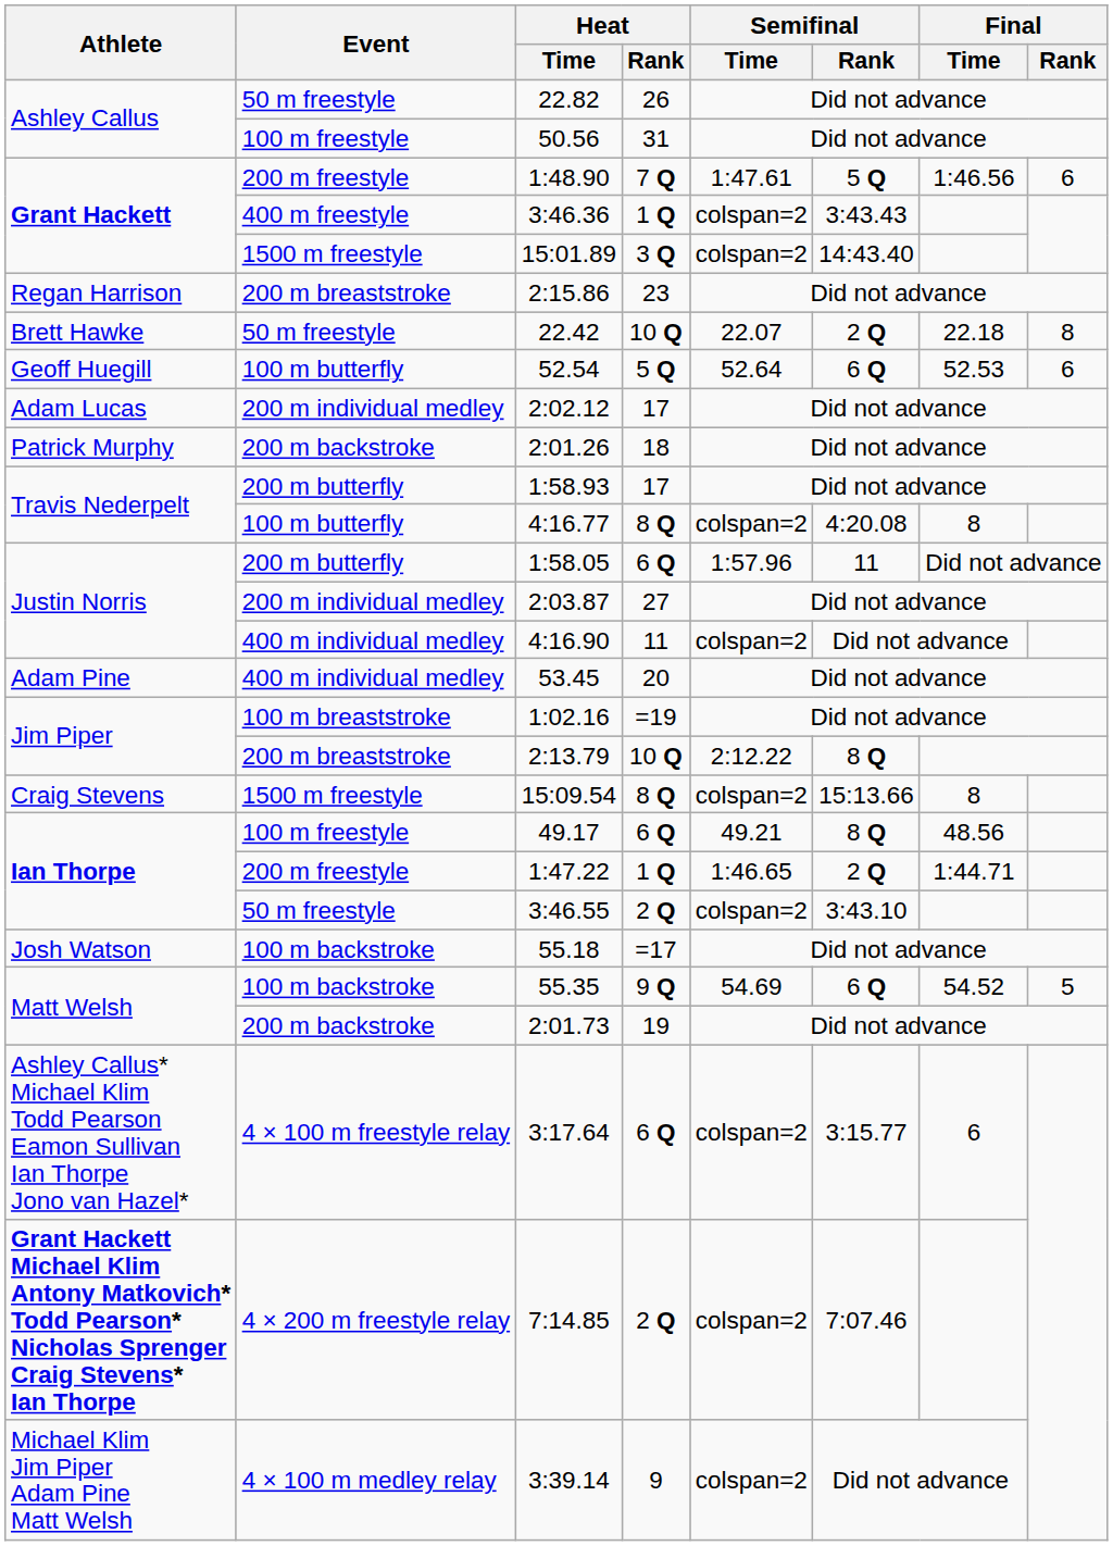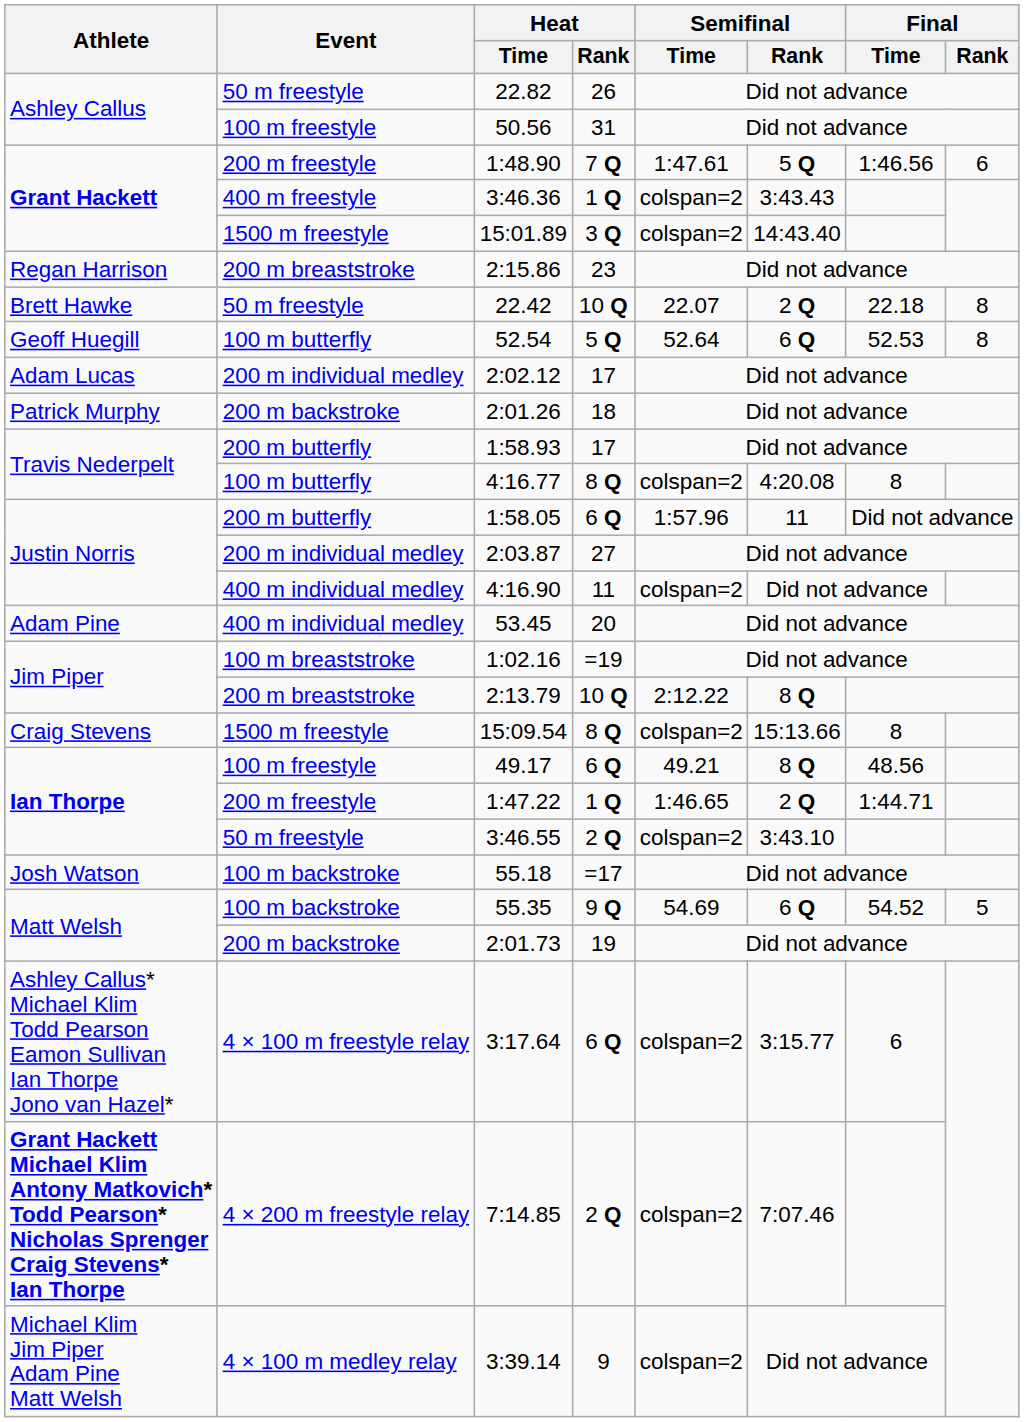 <table class="wikitable" style="font-size:90%;">
 <tr>
 <th rowspan=2>Athlete</th>
 <th rowspan=2>Event</th>
 <th colspan="2">Heat</th>
 <th colspan="2">Semifinal</th>
 <th colspan="2">Final</th>
 </tr>
 <tr style="font-size:95%">
 <th>Time</th>
 <th>Rank</th>
 <th>Time</th>
 <th>Rank</th>
 <th>Time</th>
 <th>Rank</th>
 </tr>
 <tr align=center>
 <td align=left rowspan=2><a href='#'>Ashley Callus</a></td>
 <td align=left><a href='#'>50 m freestyle</a></td>
 <td>22.82</td>
 <td>26</td>
 <td colspan=4>Did not advance</td>
 </tr>
 <tr align=center>
 <td align=left><a href='#'>100 m freestyle</a></td>
 <td>50.56</td>
 <td>31</td>
 <td colspan=4>Did not advance</td>
 </tr>
 <tr align=center>
 <td align=left rowspan=3><strong><a href='#'>Grant Hackett</a></strong></td>
 <td align=left><a href='#'>200 m freestyle</a></td>
 <td>1:48.90</td>
 <td>7 <strong>Q</strong></td>
 <td>1:47.61</td>
 <td>5 <strong>Q</strong></td>
 <td>1:46.56</td>
 <td>6</td>
 </tr>
 <tr align=center>
 <td align=left><a href='#'>400 m freestyle</a></td>
 <td>3:46.36</td>
 <td>1 <strong>Q</strong></td>
 <td>colspan=2 </td>
 <td>3:43.43</td>
 <td></td>
 </tr>
 <tr align=center>
 <td align=left><a href='#'>1500 m freestyle</a></td>
 <td>15:01.89</td>
 <td>3 <strong>Q</strong></td>
 <td>colspan=2 </td>
 <td>14:43.40 </td>
 <td></td>
 </tr>
 <tr align=center>
 <td align=left><a href='#'>Regan Harrison</a></td>
 <td align=left><a href='#'>200 m breaststroke</a></td>
 <td>2:15.86</td>
 <td>23</td>
 <td colspan=4>Did not advance</td>
 </tr>
 <tr align=center>
 <td align=left><a href='#'>Brett Hawke</a></td>
 <td align=left><a href='#'>50 m freestyle</a></td>
 <td>22.42</td>
 <td>10 <strong>Q</strong></td>
 <td>22.07</td>
 <td>2 <strong>Q</strong></td>
 <td>22.18</td>
 <td>8</td>
 </tr>
 <tr align=center>
 <td align=left><a href='#'>Geoff Huegill</a></td>
 <td align=left><a href='#'>100 m butterfly</a></td>
 <td>52.54</td>
 <td>5 <strong>Q</strong></td>
 <td>52.64</td>
 <td>6 <strong>Q</strong></td>
 <td>52.53</td>
-<td>6</td>
+<td>8</td>
 </tr>
 <tr align=center>
 <td align=left><a href='#'>Adam Lucas</a></td>
 <td align=left><a href='#'>200 m individual medley</a></td>
 <td>2:02.12</td>
 <td>17</td>
 <td colspan=4>Did not advance</td>
 </tr>
 <tr align=center>
 <td align=left><a href='#'>Patrick Murphy</a></td>
 <td align=left><a href='#'>200 m backstroke</a></td>
 <td>2:01.26</td>
 <td>18</td>
 <td colspan=4>Did not advance</td>
 </tr>
 <tr align=center>
 <td align=left rowspan=2><a href='#'>Travis Nederpelt</a></td>
 <td align=left><a href='#'>200 m butterfly</a></td>
 <td>1:58.93</td>
 <td>17</td>
 <td colspan=4>Did not advance</td>
 </tr>
 <tr align=center>
 <td align=left><a href='#'>100 m butterfly</a></td>
 <td>4:16.77</td>
 <td>8 <strong>Q</strong></td>
 <td>colspan=2 </td>
 <td>4:20.08</td>
 <td>8</td>
 </tr>
 <tr align=center>
 <td align=left rowspan=3><a href='#'>Justin Norris</a></td>
 <td align=left><a href='#'>200 m butterfly</a></td>
 <td>1:58.05</td>
 <td>6 <strong>Q</strong></td>
 <td>1:57.96</td>
 <td>11</td>
 <td colspan=2>Did not advance</td>
 </tr>
 <tr align=center>
 <td align=left><a href='#'>200 m individual medley</a></td>
 <td>2:03.87</td>
 <td>27</td>
 <td colspan=4>Did not advance</td>
 </tr>
 <tr align=center>
 <td align=left><a href='#'>400 m individual medley</a></td>
 <td>4:16.90</td>
 <td>11</td>
 <td>colspan=2 </td>
 <td colspan=2>Did not advance</td>
 </tr>
 <tr align=center>
 <td align=left><a href='#'>Adam Pine</a></td>
 <td align=left><a href='#'>400 m individual medley</a></td>
 <td>53.45</td>
 <td>20</td>
 <td colspan=4>Did not advance</td>
 </tr>
 <tr align=center>
 <td align=left rowspan=2><a href='#'>Jim Piper</a></td>
 <td align=left><a href='#'>100 m breaststroke</a></td>
 <td>1:02.16</td>
 <td>=19</td>
 <td colspan=4>Did not advance</td>
 </tr>
 <tr align=center>
 <td align=left><a href='#'>200 m breaststroke</a></td>
 <td>2:13.79</td>
 <td>10 <strong>Q</strong></td>
 <td>2:12.22</td>
 <td>8 <strong>Q</strong></td>
 <td colspan=2></td>
 </tr>
 <tr align=center>
 <td align=left><a href='#'>Craig Stevens</a></td>
 <td align=left><a href='#'>1500 m freestyle</a></td>
 <td>15:09.54</td>
 <td>8 <strong>Q</strong></td>
 <td>colspan=2 </td>
 <td>15:13.66</td>
 <td>8</td>
 </tr>
 <tr align=center>
 <td align=left rowspan=3><strong><a href='#'>Ian Thorpe</a></strong></td>
 <td align=left><a href='#'>100 m freestyle</a></td>
 <td>49.17</td>
 <td>6 <strong>Q</strong></td>
 <td>49.21</td>
 <td>8 <strong>Q</strong></td>
 <td>48.56</td>
 <td></td>
 </tr>
 <tr align=center>
 <td align=left><a href='#'>200 m freestyle</a></td>
 <td>1:47.22</td>
 <td>1 <strong>Q</strong></td>
 <td>1:46.65</td>
 <td>2 <strong>Q</strong></td>
 <td>1:44.71 </td>
 <td></td>
 </tr>
 <tr align=center>
 <td align=left><a href='#'>50 m freestyle</a></td>
 <td>3:46.55</td>
 <td>2 <strong>Q</strong></td>
 <td>colspan=2 </td>
 <td>3:43.10</td>
 <td></td>
 </tr>
 <tr align=center>
 <td align=left><a href='#'>Josh Watson</a></td>
 <td align=left><a href='#'>100 m backstroke</a></td>
 <td>55.18</td>
 <td>=17</td>
 <td colspan=4>Did not advance</td>
 </tr>
 <tr align=center>
 <td align=left rowspan=2><a href='#'>Matt Welsh</a></td>
 <td align=left><a href='#'>100 m backstroke</a></td>
 <td>55.35</td>
 <td>9 <strong>Q</strong></td>
 <td>54.69</td>
 <td>6 <strong>Q</strong></td>
 <td>54.52</td>
 <td>5</td>
 </tr>
 <tr align=center>
 <td align=left><a href='#'>200 m backstroke</a></td>
 <td>2:01.73</td>
 <td>19</td>
 <td colspan=4>Did not advance</td>
 </tr>
 <tr align=center>
 <td align=left><a href='#'>Ashley Callus</a>*<br><a href='#'>Michael Klim</a><br><a href='#'>Todd Pearson</a><br><a href='#'>Eamon Sullivan</a><br><a href='#'>Ian Thorpe</a><br><a href='#'>Jono van Hazel</a>*</td>
 <td align=left><a href='#'>4 × 100 m freestyle relay</a></td>
 <td>3:17.64</td>
 <td>6 <strong>Q</strong></td>
 <td>colspan=2 </td>
 <td>3:15.77</td>
 <td>6</td>
 </tr>
 <tr align=center>
 <td align=left><strong><a href='#'>Grant Hackett</a><br><a href='#'>Michael Klim</a><br><a href='#'>Antony Matkovich</a>*<br><a href='#'>Todd Pearson</a>*<br><a href='#'>Nicholas Sprenger</a><br><a href='#'>Craig Stevens</a>*<br><a href='#'>Ian Thorpe</a></strong></td>
 <td align=left><a href='#'>4 × 200 m freestyle relay</a></td>
 <td>7:14.85</td>
 <td>2 <strong>Q</strong></td>
 <td>colspan=2 </td>
 <td>7:07.46</td>
 <td></td>
 </tr>
 <tr align=center>
 <td align=left><a href='#'>Michael Klim</a><br><a href='#'>Jim Piper</a><br><a href='#'>Adam Pine</a><br><a href='#'>Matt Welsh</a></td>
 <td align=left><a href='#'>4 × 100 m medley relay</a></td>
 <td>3:39.14</td>
 <td>9</td>
 <td>colspan=2 </td>
 <td colspan=2>Did not advance</td>
 </tr>
 </table>
